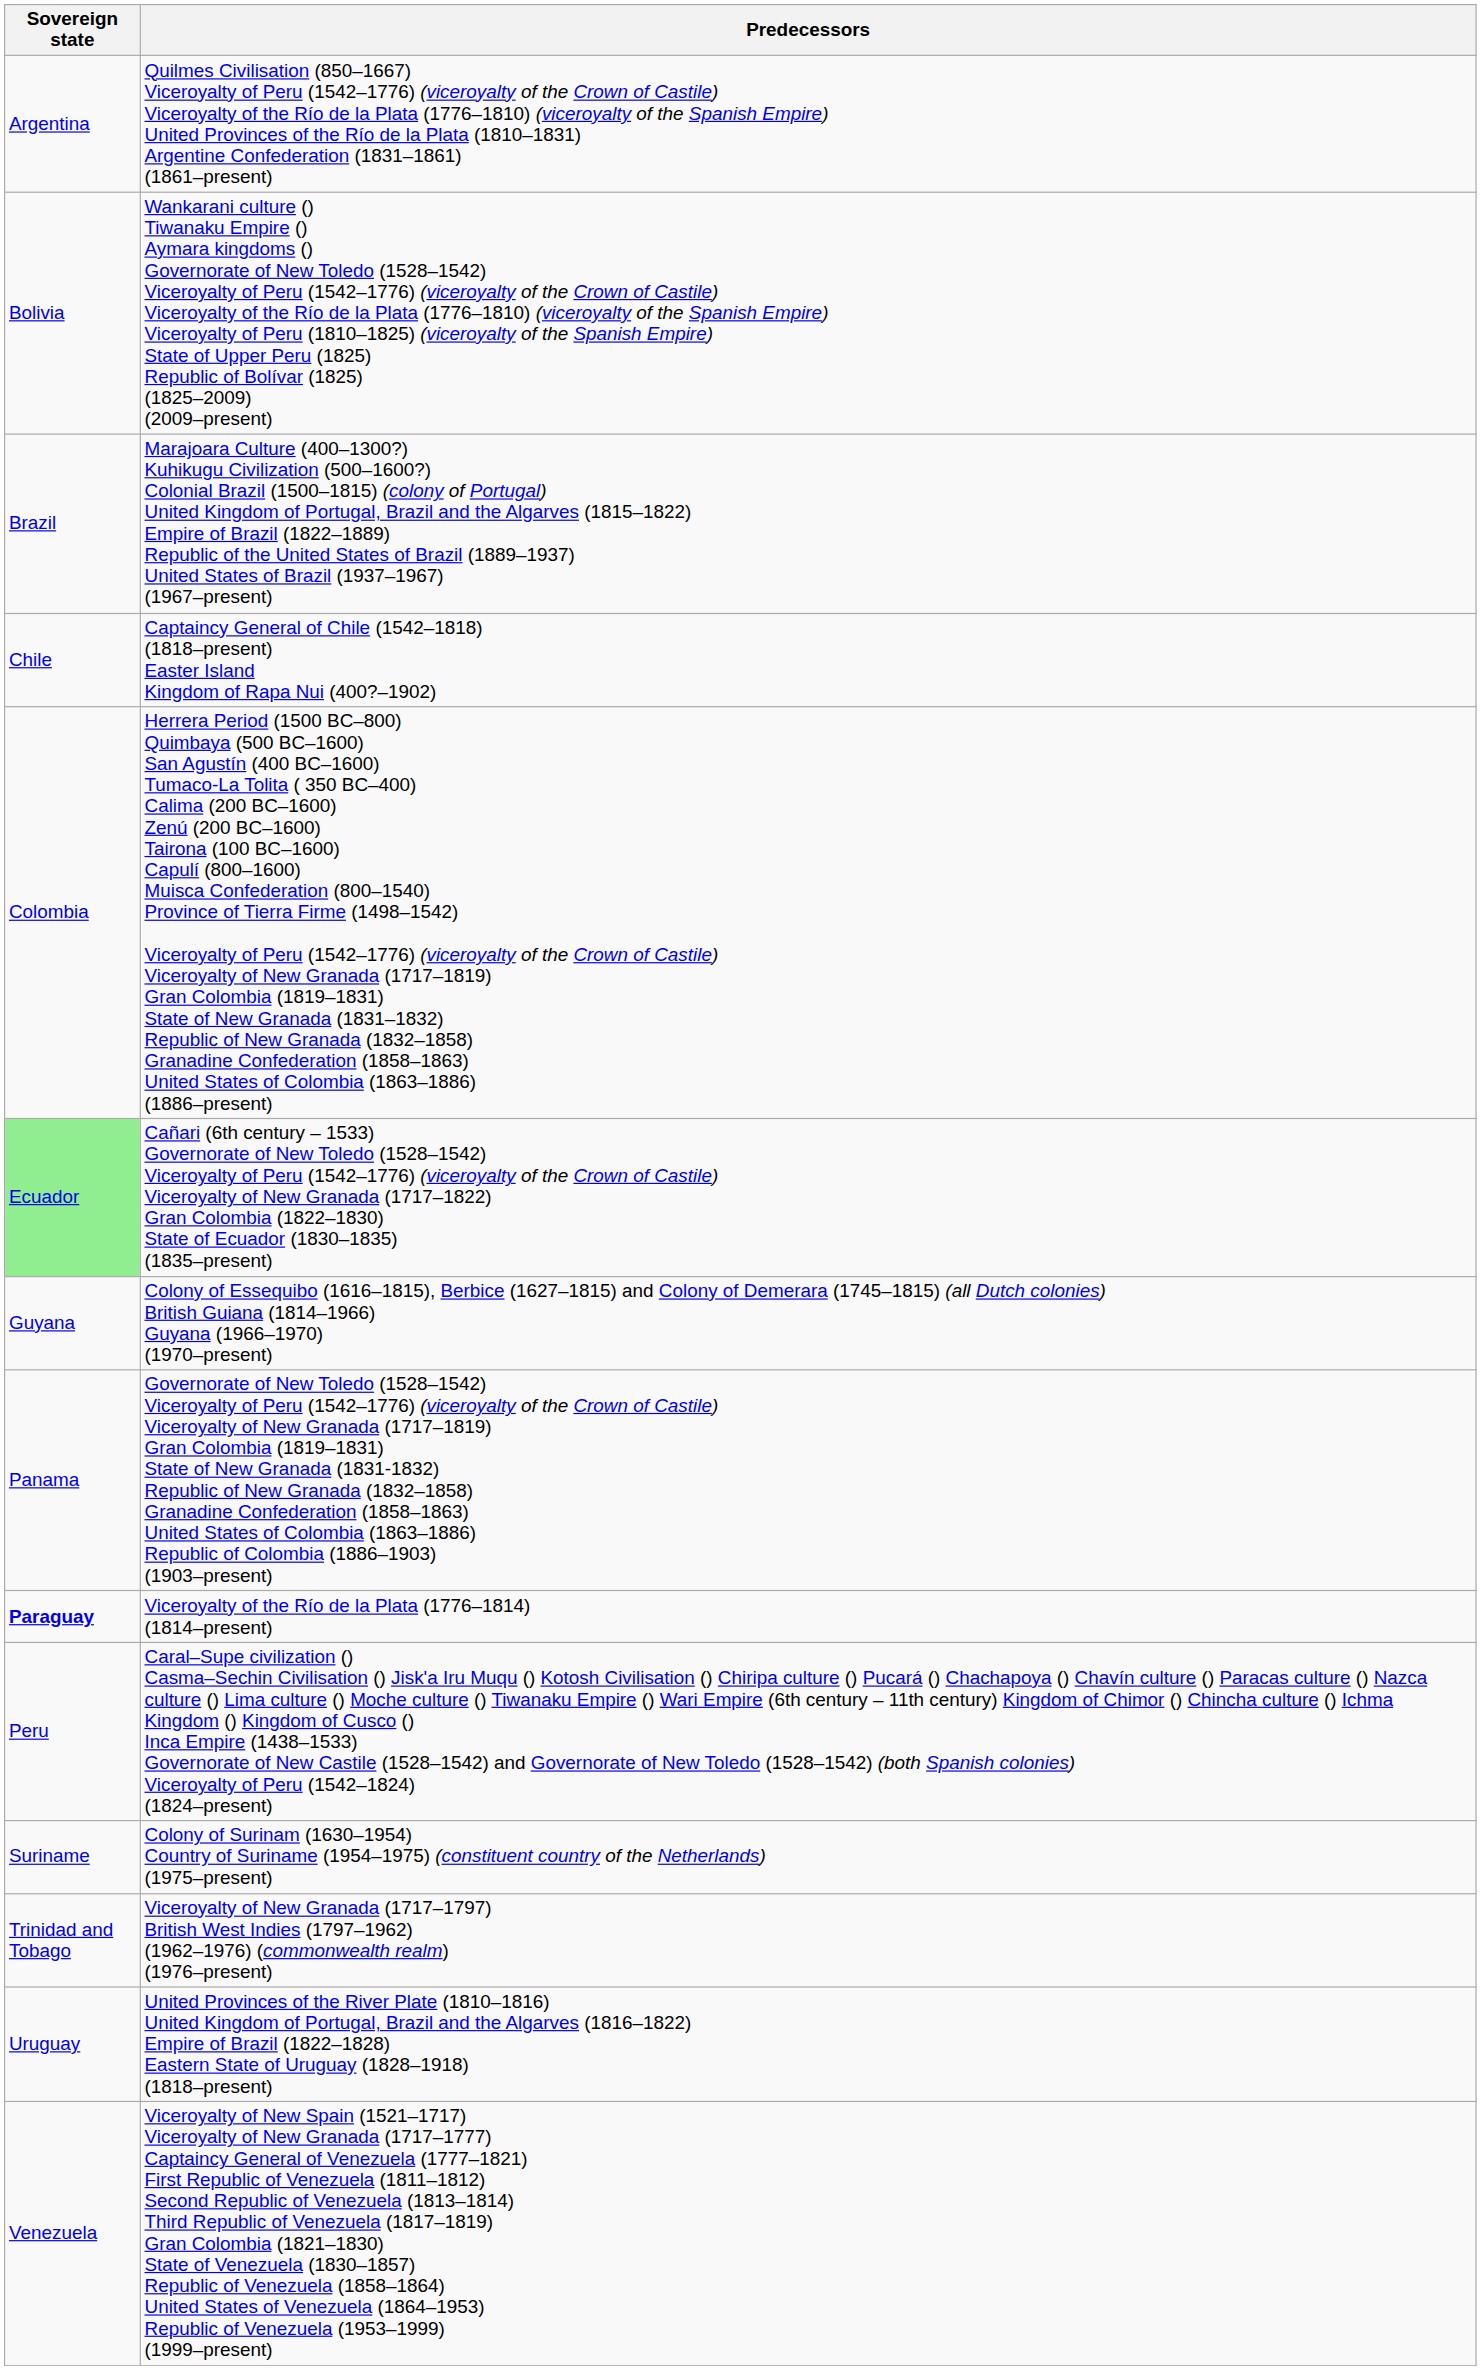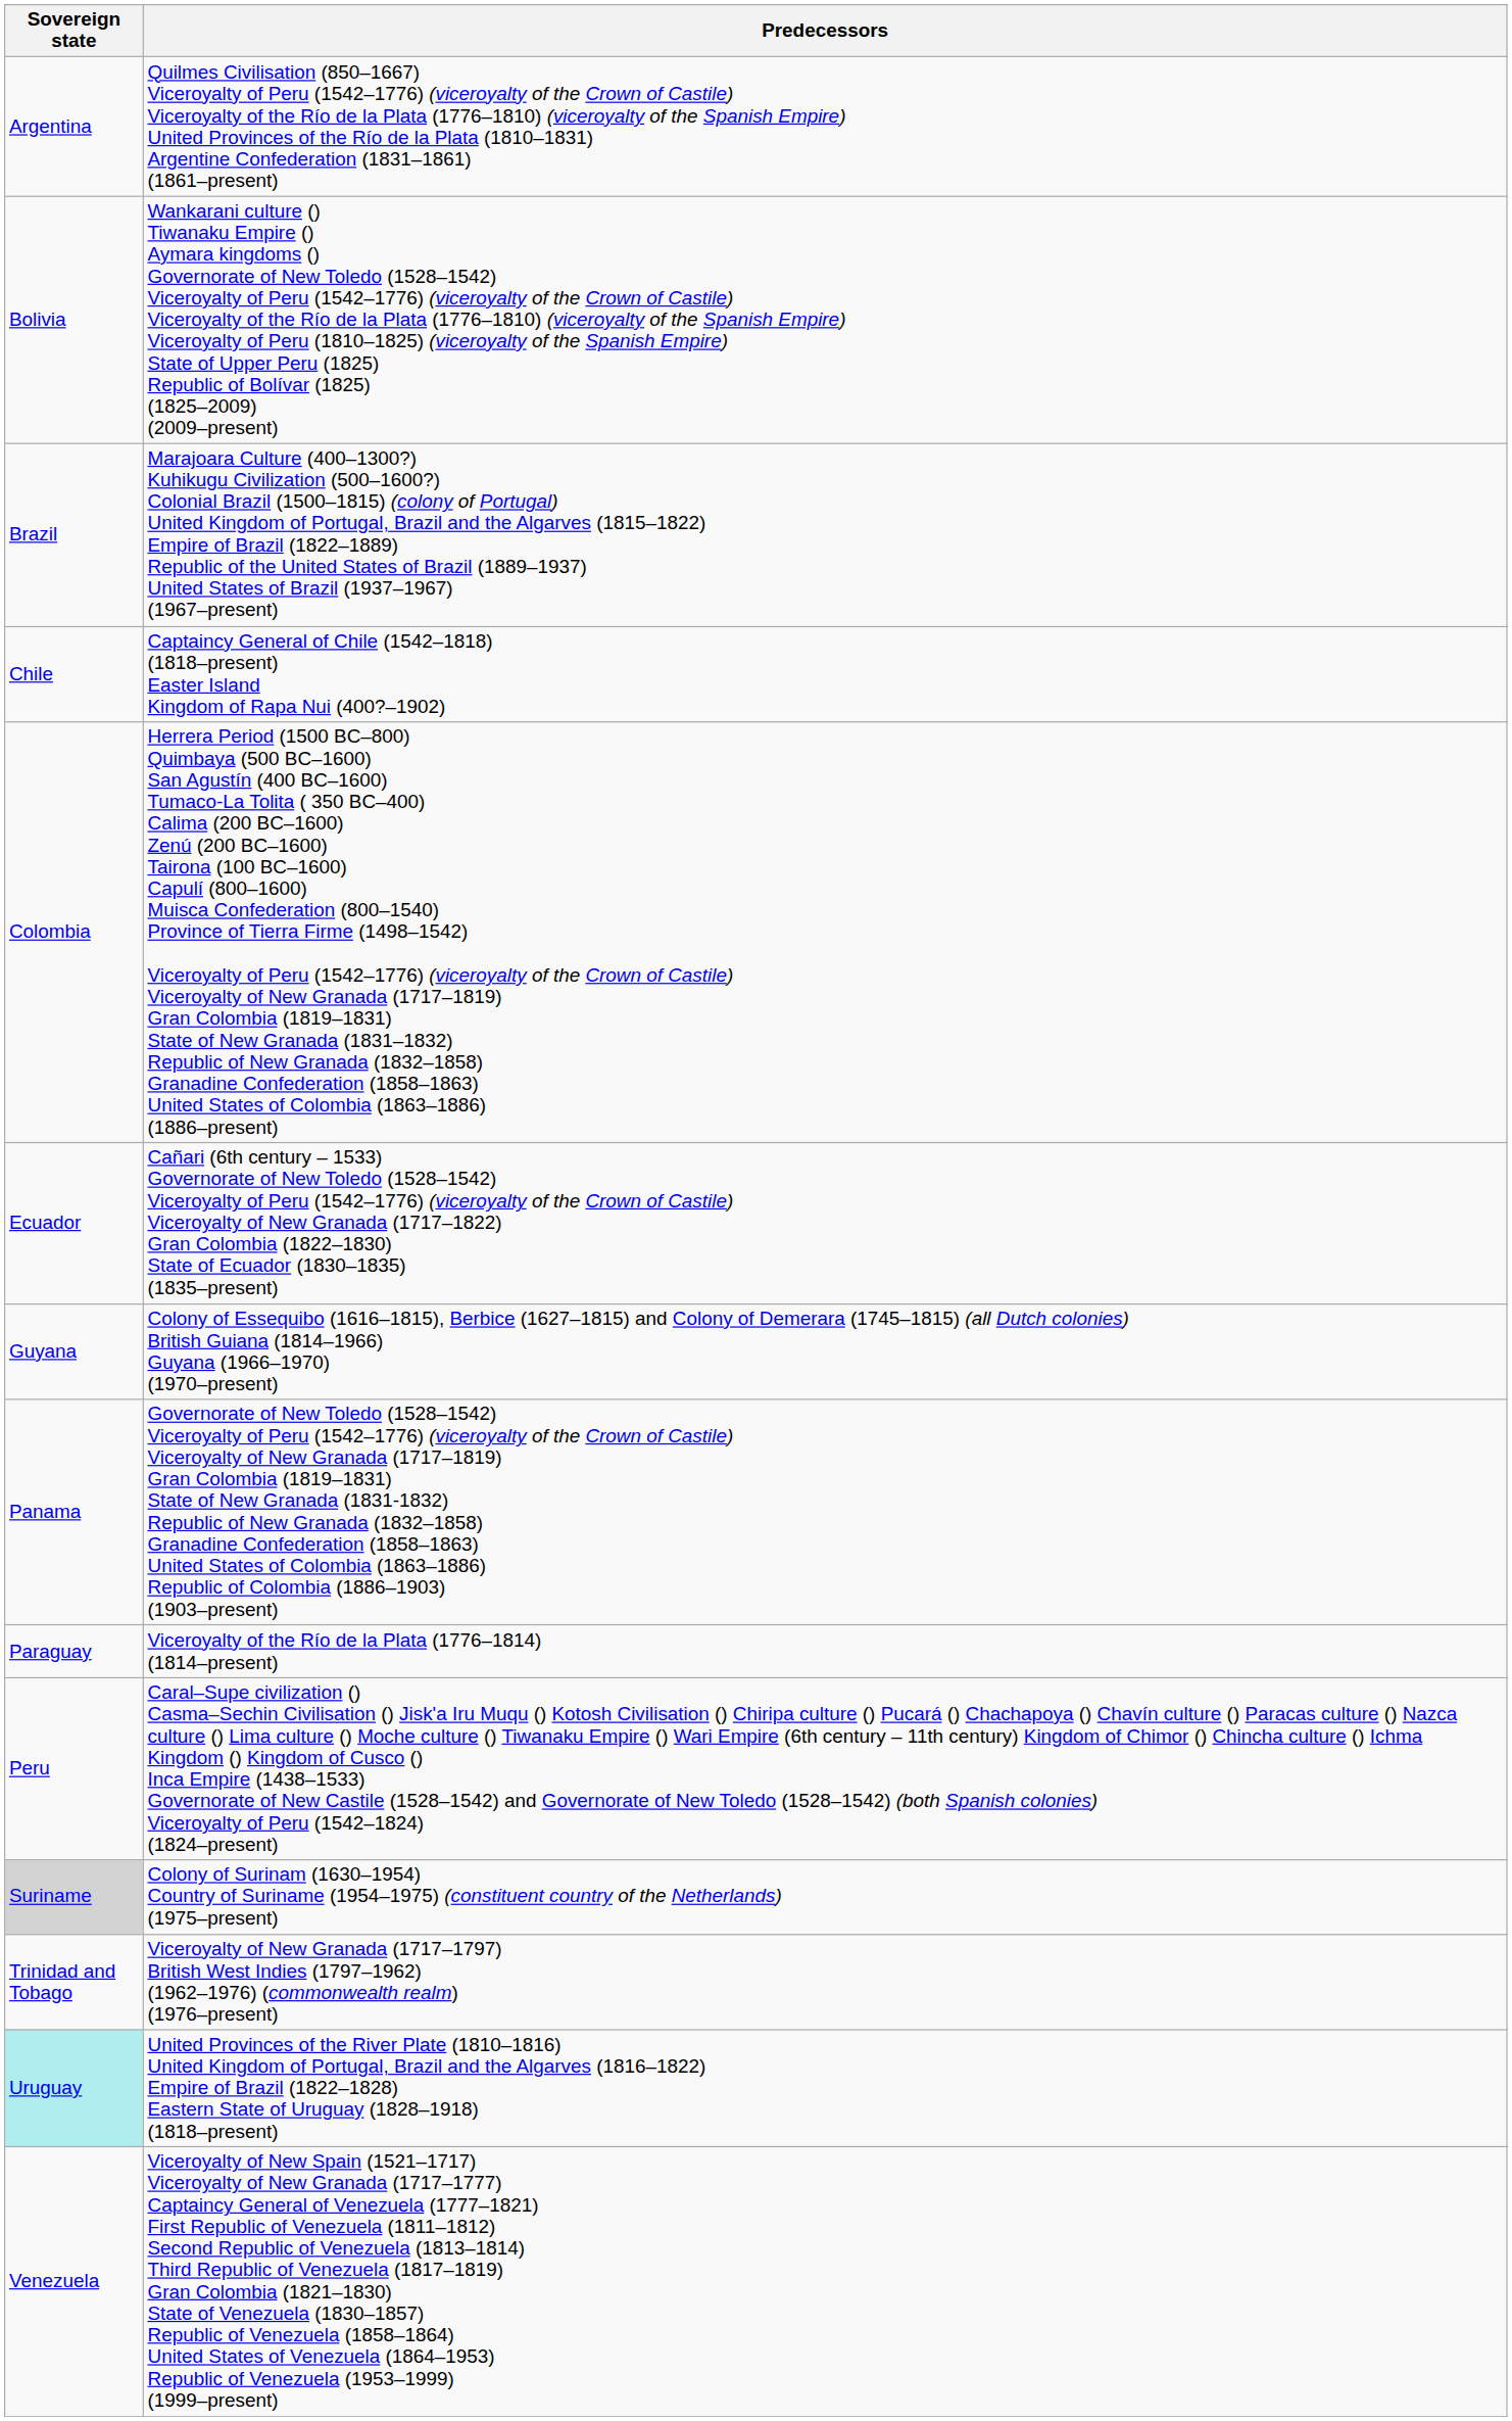 <table class="wikitable">
 <tr>
 <th>Sovereign state</th>
 <th>Predecessors</th>
 </tr>
 <tr>
 <td><a href='#'>Argentina</a></td>
 <td><a href='#'>Quilmes Civilisation</a> (850–1667)<br> <a href='#'>Viceroyalty of Peru</a> (1542–1776) <em>(<a href='#'>viceroyalty</a> of the <a href='#'>Crown of Castile</a>)</em><br> <a href='#'>Viceroyalty of the Río de la Plata</a> (1776–1810) <em>(<a href='#'>viceroyalty</a> of the <a href='#'>Spanish Empire</a>)</em><br> <a href='#'>United Provinces of the Río de la Plata</a> (1810–1831)<br> <a href='#'>Argentine Confederation</a> (1831–1861)<br><strong></strong> (1861–present)</td>
 </tr>
 <tr>
 <td><a href='#'>Bolivia</a></td>
 <td><a href='#'>Wankarani culture</a> ()<br><a href='#'>Tiwanaku Empire</a> ()<br><a href='#'>Aymara kingdoms</a> ()<br>  <a href='#'>Governorate of New Toledo</a> (1528–1542)<br> <a href='#'>Viceroyalty of Peru</a> (1542–1776) <em>(<a href='#'>viceroyalty</a> of the <a href='#'>Crown of Castile</a>)</em><br> <a href='#'>Viceroyalty of the Río de la Plata</a> (1776–1810) <em>(<a href='#'>viceroyalty</a> of the <a href='#'>Spanish Empire</a>)</em><br> <a href='#'>Viceroyalty of Peru</a> (1810–1825) <em>(<a href='#'>viceroyalty</a> of the <a href='#'>Spanish Empire</a>)</em><br> <a href='#'>State of Upper Peru</a> (1825)<br> <a href='#'>Republic of Bolívar</a> (1825)<br> (1825–2009)<br><strong></strong> (2009–present)</td>
 </tr>
 <tr>
 <td><a href='#'>Brazil</a></td>
 <td><a href='#'>Marajoara Culture</a> (400–1300?)<br><a href='#'>Kuhikugu Civilization</a> (500–1600?)<br> <a href='#'>Colonial Brazil</a> (1500–1815) <em>(<a href='#'>colony</a> of <a href='#'>Portugal</a>)</em><br> <a href='#'>United Kingdom of Portugal, Brazil and the Algarves</a> (1815–1822)<br> <a href='#'>Empire of Brazil</a> (1822–1889)<br> <a href='#'>Republic of the United States of Brazil</a> (1889–1937)<br> <a href='#'>United States of Brazil</a> (1937–1967)<br><strong></strong> (1967–present)</td>
 </tr>
 <tr>
 <td><a href='#'>Chile</a></td>
 <td> <a href='#'>Captaincy General of Chile</a> (1542–1818)<br><strong></strong> (1818–present)<br><a href='#'>Easter Island</a><br><a href='#'>Kingdom of Rapa Nui</a> (400?–1902)</td>
 </tr>
 <tr>
 <td><a href='#'>Colombia</a></td>
 <td><a href='#'>Herrera Period</a> (1500 BC–800)<br><a href='#'>Quimbaya</a> (500 BC–1600)<br><a href='#'>San Agustín</a> (400 BC–1600)<br><a href='#'>Tumaco-La Tolita</a> ( 350 BC–400)<br><a href='#'>Calima</a> (200 BC–1600)<br><a href='#'>Zenú</a> (200 BC–1600)<br><a href='#'>Tairona</a> (100 BC–1600)<br><a href='#'>Capulí</a> (800–1600)<br> <a href='#'>Muisca Confederation</a> (800–1540)<br>  <a href='#'>Province of Tierra Firme</a> (1498–1542)<br><br> <a href='#'>Viceroyalty of Peru</a> (1542–1776) <em>(<a href='#'>viceroyalty</a> of the <a href='#'>Crown of Castile</a>)</em><br> <a href='#'>Viceroyalty of New Granada</a> (1717–1819)<br> <a href='#'>Gran Colombia</a> (1819–1831)<br> <a href='#'>State of New Granada</a> (1831–1832)<br> <a href='#'>Republic of New Granada</a> (1832–1858)<br> <a href='#'>Granadine Confederation</a> (1858–1863)<br> <a href='#'>United States of Colombia</a> (1863–1886)<br><strong></strong> (1886–present)</td>
 </tr>
 <tr>
-<td style="background: lightgreen;"><a href='#'>Ecuador</a></td>
+<td><a href='#'>Ecuador</a></td>
 <td><a href='#'>Cañari</a> (6th century – 1533)<br>  <a href='#'>Governorate of New Toledo</a> (1528–1542)<br> <a href='#'>Viceroyalty of Peru</a> (1542–1776) <em>(<a href='#'>viceroyalty</a> of the <a href='#'>Crown of Castile</a>)</em><br> <a href='#'>Viceroyalty of New Granada</a> (1717–1822)<br> <a href='#'>Gran Colombia</a> (1822–1830)<br> <a href='#'>State of Ecuador</a> (1830–1835)<br><strong></strong> (1835–present)</td>
 </tr>
 <tr>
 <td><a href='#'>Guyana</a></td>
 <td> <a href='#'>Colony of Essequibo</a> (1616–1815),  <a href='#'>Berbice</a> (1627–1815) and  <a href='#'>Colony of Demerara</a> (1745–1815) <em>(all <a href='#'>Dutch colonies</a>)</em><br> <a href='#'>British Guiana</a> (1814–1966)<br> <a href='#'>Guyana</a> (1966–1970)<br><strong></strong> (1970–present)</td>
 </tr>
 <tr>
 <td><a href='#'>Panama</a></td>
 <td>  <a href='#'>Governorate of New Toledo</a> (1528–1542)<br> <a href='#'>Viceroyalty of Peru</a> (1542–1776) <em>(<a href='#'>viceroyalty</a> of the <a href='#'>Crown of Castile</a>)</em><br> <a href='#'>Viceroyalty of New Granada</a> (1717–1819)<br> <a href='#'>Gran Colombia</a> (1819–1831)<br> <a href='#'>State of New Granada</a> (1831-1832)<br> <a href='#'>Republic of New Granada</a> (1832–1858)<br> <a href='#'>Granadine Confederation</a> (1858–1863)<br> <a href='#'>United States of Colombia</a> (1863–1886)<br> <a href='#'>Republic of Colombia</a> (1886–1903)<br><strong></strong> (1903–present)</td>
 </tr>
 <tr>
-<td><strong><a href='#'>Paraguay</a></strong></td>
+<td><a href='#'>Paraguay</a></td>
 <td> <a href='#'>Viceroyalty of the Río de la Plata</a> (1776–1814)<br><strong></strong> (1814–present)</td>
 </tr>
 <tr>
 <td><a href='#'>Peru</a></td>
 <td><a href='#'>Caral–Supe civilization</a> ()<br><a href='#'>Casma–Sechin Civilisation</a> () <a href='#'>Jisk'a Iru Muqu</a> () <a href='#'>Kotosh Civilisation</a> () <a href='#'>Chiripa culture</a> () <a href='#'>Pucará</a> () <a href='#'>Chachapoya</a> () <a href='#'>Chavín culture</a> () <a href='#'>Paracas culture</a> () <a href='#'>Nazca culture</a> () <a href='#'>Lima culture</a> () <a href='#'>Moche culture</a> () <a href='#'>Tiwanaku Empire</a> () <a href='#'>Wari Empire</a> (6th century – 11th century) <a href='#'>Kingdom of Chimor</a> () <a href='#'>Chincha culture</a> () <a href='#'>Ichma Kingdom</a> () <a href='#'>Kingdom of Cusco</a> ()<br><a href='#'>Inca Empire</a> (1438–1533)<br> <a href='#'>Governorate of New Castile</a> (1528–1542) and  <a href='#'>Governorate of New Toledo</a> (1528–1542) <em>(both <a href='#'>Spanish colonies</a>)</em><br> <a href='#'>Viceroyalty of Peru</a> (1542–1824)<br><strong></strong> (1824–present)</td>
 </tr>
 <tr>
-<td><a href='#'>Suriname</a></td>
+<td style="background: lightgrey;"><a href='#'>Suriname</a></td>
 <td> <a href='#'>Colony of Surinam</a> (1630–1954)<br> <a href='#'>Country of Suriname</a> (1954–1975) <em>(<a href='#'>constituent country</a> of the <a href='#'>Netherlands</a>)</em><br><strong></strong> (1975–present)</td>
 </tr>
 <tr>
 <td><a href='#'>Trinidad and Tobago</a></td>
 <td> <a href='#'>Viceroyalty of New Granada</a> (1717–1797)<br> <a href='#'>British West Indies</a> (1797–1962)<br> (1962–1976) (<em><a href='#'>commonwealth realm</a></em>)<br> <strong></strong> (1976–present)</td>
 </tr>
 <tr>
-<td><a href='#'>Uruguay</a></td>
+<td style="background: paleturquoise;"><a href='#'>Uruguay</a></td>
 <td>  <a href='#'>United Provinces of the River Plate</a> (1810–1816)<br> <a href='#'>United Kingdom of Portugal, Brazil and the Algarves</a> (1816–1822)<br> <a href='#'>Empire of Brazil</a> (1822–1828)<br> <a href='#'>Eastern State of Uruguay</a> (1828–1918)<br><strong></strong> (1818–present)</td>
 </tr>
 <tr>
 <td><a href='#'>Venezuela</a></td>
 <td> <a href='#'>Viceroyalty of New Spain</a> (1521–1717)<br> <a href='#'>Viceroyalty of New Granada</a> (1717–1777)<br> <a href='#'>Captaincy General of Venezuela</a> (1777–1821)<br> <a href='#'>First Republic of Venezuela</a> (1811–1812)<br> <a href='#'>Second Republic of Venezuela</a> (1813–1814)<br> <a href='#'>Third Republic of Venezuela</a> (1817–1819)<br> <a href='#'>Gran Colombia</a> (1821–1830)<br> <a href='#'>State of Venezuela</a> (1830–1857)<br> <a href='#'>Republic of Venezuela</a> (1858–1864)<br> <a href='#'>United States of Venezuela</a> (1864–1953)<br> <a href='#'>Republic of Venezuela</a> (1953–1999)<br><strong></strong> (1999–present)</td>
 </tr>
 </table>
